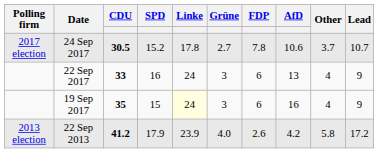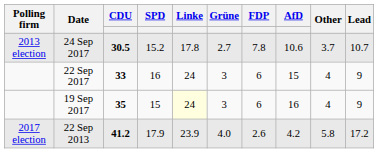 <table class="wikitable sortable" style="text-align:center; font-size:90%; line-height:16px;">
 <tr>
 <th style="width:60px;" rowspan="2">Polling firm</th>
 <th style="width:60px;" rowspan="2">Date</th>
 <th style="width:40px;" class="unsortable"><a href='#'>CDU</a></th>
 <th style="width:40px;" class="unsortable"><a href='#'>SPD</a></th>
 <th style="width:40px;" class="unsortable"><a href='#'>Linke</a></th>
 <th style="width:40px;" class="unsortable"><a href='#'>Grüne</a></th>
 <th style="width:40px;" class="unsortable"><a href='#'>FDP</a></th>
 <th style="width:40px;" class="unsortable"><a href='#'>AfD</a></th>
 <th style="width:40px;" rowspan="2" class="unsortable">Other</th>
 <th style="width:30px;" rowspan="2" class="unsortable">Lead</th>
 </tr>
 <tr>
 <th style="color:inherit;background:"></th>
 <th style="color:inherit;background:"></th>
 <th style="color:inherit;background:"></th>
 <th style="color:inherit;background:"></th>
 <th style="color:inherit;background:"></th>
 <th style="color:inherit;background:"></th>
 </tr>
 <tr style="background-color:#E9E9E9">
-<td><a href='#'>2017 election</a></td>
+<td><a href='#'>2013 election</a></td>
 <td>24 Sep 2017</td>
 <td><strong>30.5</strong></td>
 <td>15.2</td>
 <td>17.8</td>
 <td>2.7</td>
 <td>7.8</td>
 <td>10.6</td>
 <td>3.7</td>
 <td style="background:">10.7</td>
 </tr>
 <tr>
 <td></td>
 <td>22 Sep 2017</td>
 <td><strong>33</strong></td>
 <td>16</td>
 <td>24</td>
 <td>3</td>
 <td>6</td>
-<td>13</td>
+<td>15</td>
 <td>4</td>
 <td style="background:">9</td>
 </tr>
 <tr>
 <td></td>
 <td>19 Sep 2017</td>
 <td><strong>35</strong></td>
 <td>15</td>
 <td style="background: lightyellow;">24</td>
 <td>3</td>
 <td>6</td>
 <td>16</td>
 <td>4</td>
 <td style="background:">9</td>
 </tr>
 <tr style="background-color:#E9E9E9">
-<td><a href='#'>2013 election</a></td>
+<td><a href='#'>2017 election</a></td>
 <td>22 Sep 2013</td>
 <td><strong>41.2</strong></td>
 <td>17.9</td>
 <td>23.9</td>
 <td>4.0</td>
 <td>2.6</td>
 <td>4.2</td>
 <td>5.8</td>
 <td style="background:">17.2</td>
 </tr>
 </table>
